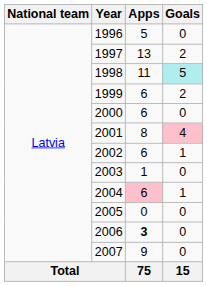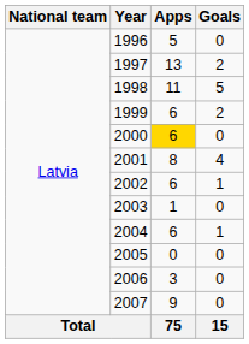 <table class="wikitable" style="text-align:center">
 <tr>
 <th>National team</th>
 <th>Year</th>
 <th>Apps</th>
 <th>Goals</th>
 </tr>
 <tr>
 <td rowspan="12"><a href='#'>Latvia</a></td>
 <td>1996</td>
 <td>5</td>
 <td>0</td>
 </tr>
 <tr>
 <td>1997</td>
 <td>13</td>
 <td>2</td>
 </tr>
 <tr>
 <td>1998</td>
 <td>11</td>
-<td style="background: paleturquoise;">5</td>
+<td>5</td>
 </tr>
 <tr>
 <td>1999</td>
 <td>6</td>
 <td>2</td>
 </tr>
 <tr>
 <td>2000</td>
-<td>6</td>
+<td style="background: gold;">6</td>
 <td>0</td>
 </tr>
 <tr>
 <td>2001</td>
 <td>8</td>
-<td style="background: pink;">4</td>
+<td>4</td>
 </tr>
 <tr>
 <td>2002</td>
 <td>6</td>
 <td>1</td>
 </tr>
 <tr>
 <td>2003</td>
 <td>1</td>
 <td>0</td>
 </tr>
 <tr>
 <td>2004</td>
-<td style="background: pink;">6</td>
+<td>6</td>
 <td>1</td>
 </tr>
 <tr>
 <td>2005</td>
 <td>0</td>
 <td>0</td>
 </tr>
 <tr>
 <td>2006</td>
-<td><strong>3</strong></td>
+<td>3</td>
 <td>0</td>
 </tr>
 <tr>
 <td>2007</td>
 <td>9</td>
 <td>0</td>
 </tr>
 <tr>
 <th colspan="2">Total</th>
 <th>75</th>
 <th>15</th>
 </tr>
 </table>
